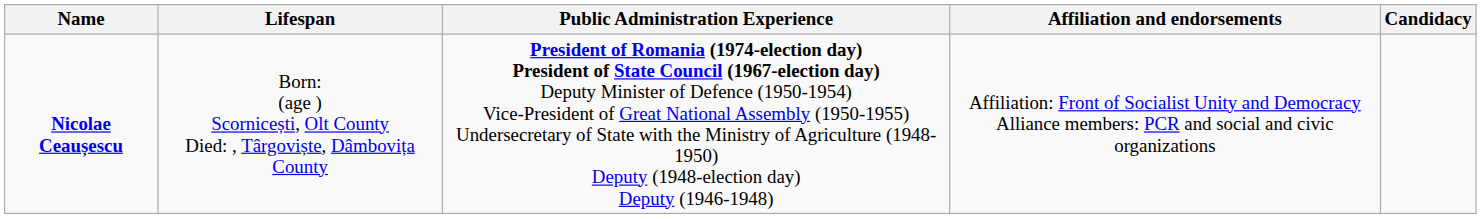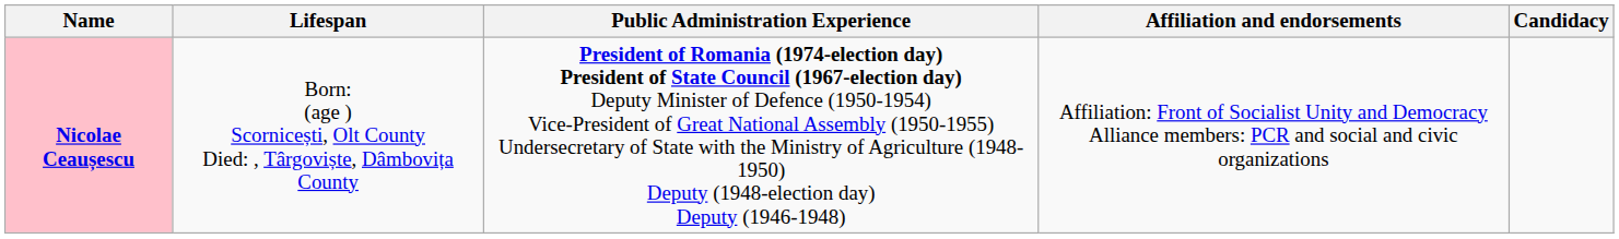 <table class="wikitable sortable"  style="text-align:center;">
 <tr>
 <th>Name</th>
 <th>Lifespan</th>
 <th class="unsortable">Public Administration Experience</th>
 <th>Affiliation and endorsements</th>
 <th>Candidacy <br> </th>
 </tr>
 <tr>
-<td><br><strong><a href='#'>Nicolae Ceaușescu</a></strong></td>
+<td style="background: pink;"><br><strong><a href='#'>Nicolae Ceaușescu</a></strong></td>
 <td>Born: <br>(age )<br><a href='#'>Scornicești</a>, <a href='#'>Olt County</a><br>Died: , <a href='#'>Târgoviște</a>, <a href='#'>Dâmbovița County</a></td>
 <td><strong><a href='#'>President of Romania</a> (1974-election day)</strong><br><strong>President of <a href='#'>State Council</a> (1967-election day)</strong><br>Deputy Minister of Defence (1950-1954)<br>Vice-President of <a href='#'>Great National Assembly</a> (1950-1955)<br>Undersecretary of State with the Ministry of Agriculture (1948-1950)<br><a href='#'>Deputy</a> (1948-election day)<br><a href='#'>Deputy</a> (1946-1948)</td>
 <td>Affiliation: <a href='#'>Front of Socialist Unity and Democracy</a><br>Alliance members: <a href='#'>PCR</a> and social and civic organizations</td>
 </tr>
 </table>
